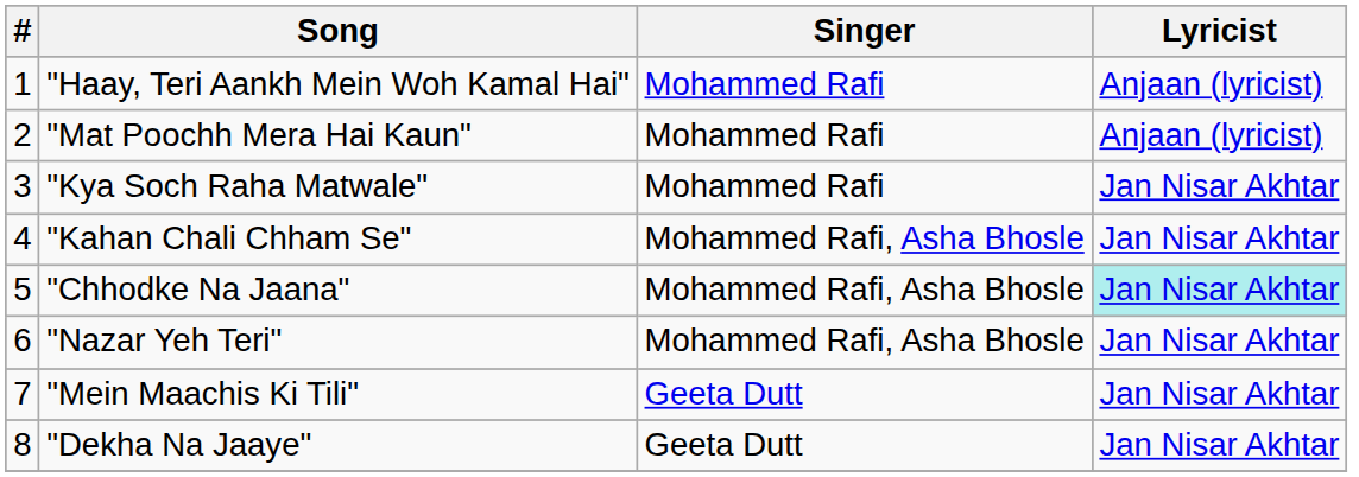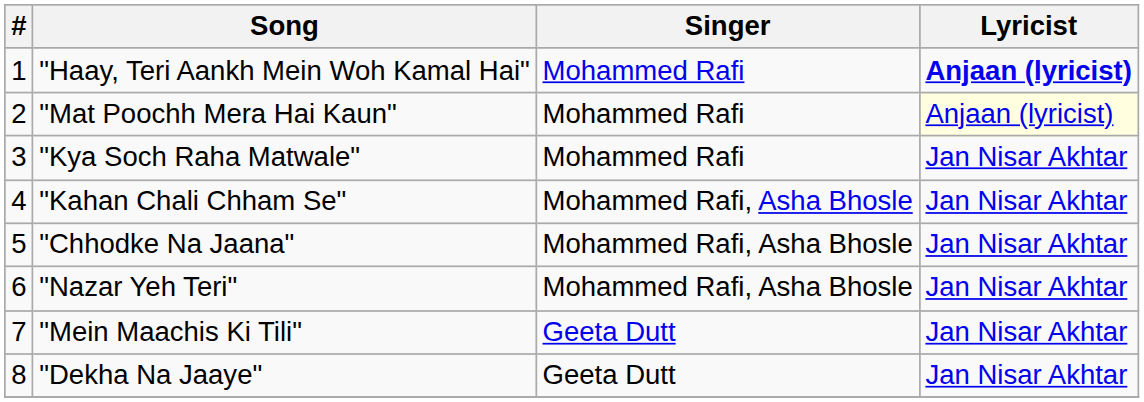 <table class="wikitable">
 <tr>
 <th>#</th>
 <th>Song</th>
 <th>Singer</th>
 <th>Lyricist</th>
 </tr>
 <tr>
 <td>1</td>
 <td>"Haay, Teri Aankh Mein Woh Kamal Hai"</td>
 <td><a href='#'>Mohammed Rafi</a></td>
-<td><a href='#'>Anjaan (lyricist)</a></td>
+<td><strong><a href='#'>Anjaan (lyricist)</a></strong></td>
 </tr>
 <tr>
 <td>2</td>
 <td>"Mat Poochh Mera Hai Kaun"</td>
 <td>Mohammed Rafi</td>
-<td><a href='#'>Anjaan (lyricist)</a></td>
+<td style="background: lightyellow;"><a href='#'>Anjaan (lyricist)</a></td>
 </tr>
 <tr>
 <td>3</td>
 <td>"Kya Soch Raha Matwale"</td>
 <td>Mohammed Rafi</td>
 <td><a href='#'>Jan Nisar Akhtar</a></td>
 </tr>
 <tr>
 <td>4</td>
 <td>"Kahan Chali Chham Se"</td>
 <td>Mohammed Rafi, <a href='#'>Asha Bhosle</a></td>
 <td><a href='#'>Jan Nisar Akhtar</a></td>
 </tr>
 <tr>
 <td>5</td>
 <td>"Chhodke Na Jaana"</td>
 <td>Mohammed Rafi, Asha Bhosle</td>
-<td style="background: paleturquoise;"><a href='#'>Jan Nisar Akhtar</a></td>
+<td><a href='#'>Jan Nisar Akhtar</a></td>
 </tr>
 <tr>
 <td>6</td>
 <td>"Nazar Yeh Teri"</td>
 <td>Mohammed Rafi, Asha Bhosle</td>
 <td><a href='#'>Jan Nisar Akhtar</a></td>
 </tr>
 <tr>
 <td>7</td>
 <td>"Mein Maachis Ki Tili"</td>
 <td><a href='#'>Geeta Dutt</a></td>
 <td><a href='#'>Jan Nisar Akhtar</a></td>
 </tr>
 <tr>
 <td>8</td>
 <td>"Dekha Na Jaaye"</td>
 <td>Geeta Dutt</td>
 <td><a href='#'>Jan Nisar Akhtar</a></td>
 </tr>
 <tr>
 </tr>
 </table>
